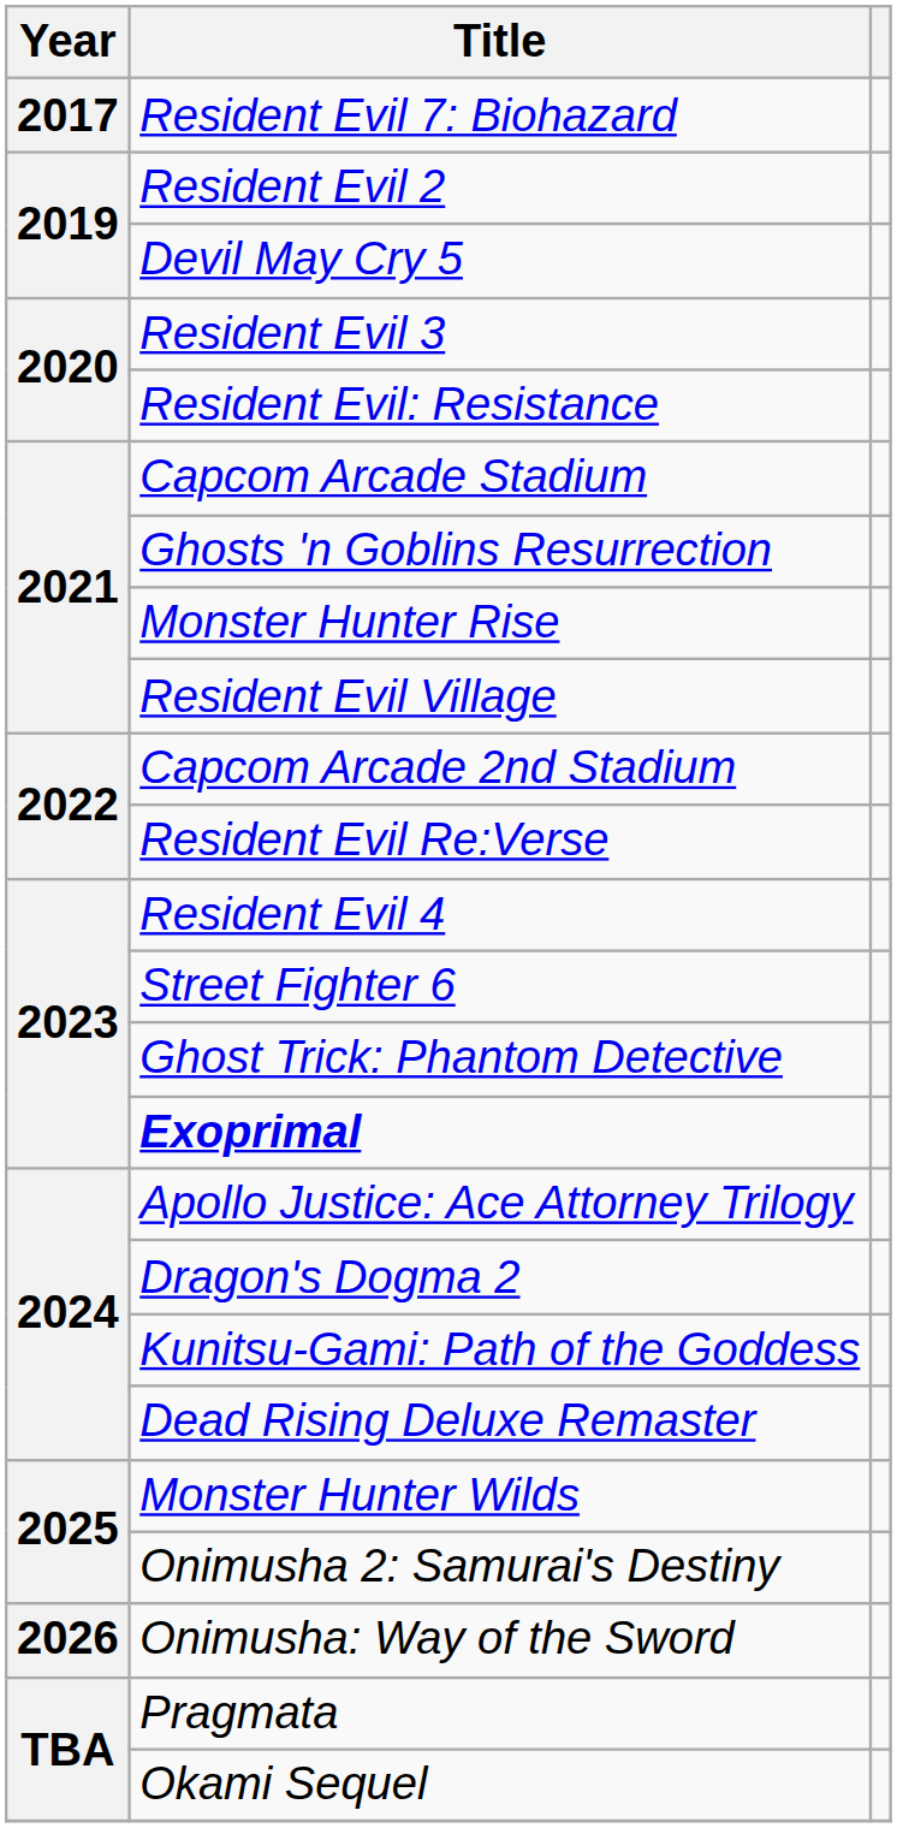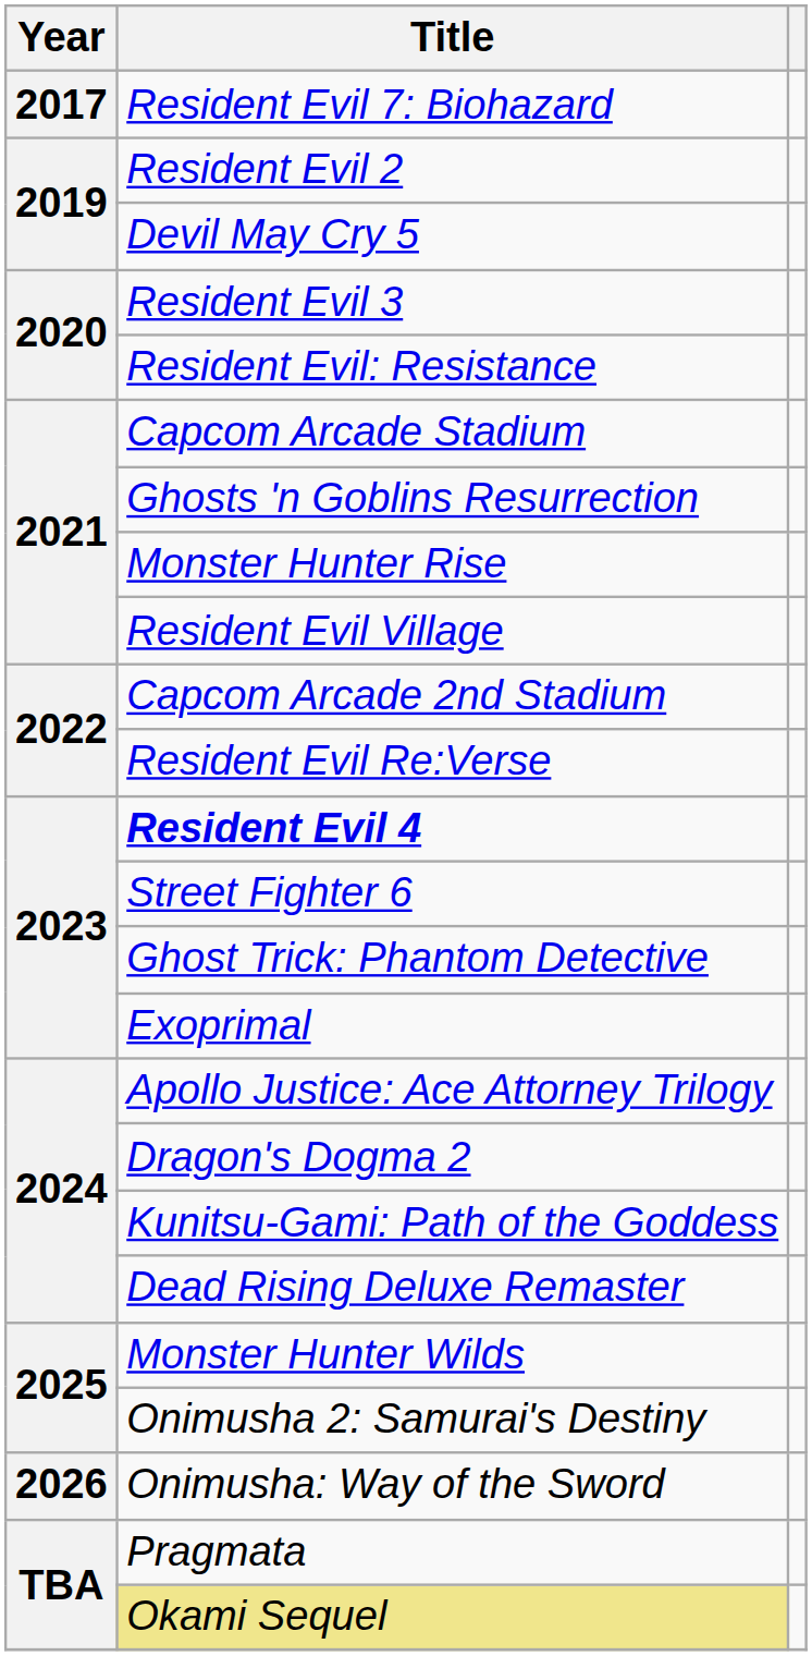 <table class="wikitable sortable">
 <tr>
 <th>Year</th>
 <th>Title</th>
 <th></th>
 </tr>
 <tr>
 <th>2017</th>
 <td><em><a href='#'>Resident Evil 7: Biohazard</a></em></td>
 <td></td>
 </tr>
 <tr>
 <th rowspan="2">2019</th>
 <td><em><a href='#'>Resident Evil 2</a></em></td>
 <td></td>
 </tr>
 <tr>
 <td><em><a href='#'>Devil May Cry 5</a></em></td>
 <td></td>
 </tr>
 <tr>
 <th rowspan="2">2020</th>
 <td><em><a href='#'>Resident Evil 3</a></em></td>
 <td></td>
 </tr>
 <tr>
 <td><em><a href='#'>Resident Evil: Resistance</a></em></td>
 <td></td>
 </tr>
 <tr>
 <th rowspan="4">2021</th>
 <td><em><a href='#'>Capcom Arcade Stadium</a></em></td>
 <td></td>
 </tr>
 <tr>
 <td><em><a href='#'>Ghosts 'n Goblins Resurrection</a></em></td>
 <td></td>
 </tr>
 <tr>
 <td><em><a href='#'>Monster Hunter Rise</a></em></td>
 <td></td>
 </tr>
 <tr>
 <td><em><a href='#'>Resident Evil Village</a></em></td>
 <td></td>
 </tr>
 <tr>
 <th rowspan="2">2022</th>
 <td><em><a href='#'>Capcom Arcade 2nd Stadium</a></em></td>
 <td></td>
 </tr>
 <tr>
 <td><em><a href='#'>Resident Evil Re:Verse</a></em></td>
 <td></td>
 </tr>
 <tr>
 <th rowspan="4">2023</th>
-<td><em><a href='#'>Resident Evil 4</a></em></td>
+<td><strong><em><a href='#'>Resident Evil 4</a></em></strong></td>
 <td></td>
 </tr>
 <tr>
 <td><em><a href='#'>Street Fighter 6</a></em></td>
 <td></td>
 </tr>
 <tr>
 <td><em><a href='#'>Ghost Trick: Phantom Detective</a></em></td>
 <td></td>
 </tr>
 <tr>
-<td><strong><em><a href='#'>Exoprimal</a></em></strong></td>
+<td><em><a href='#'>Exoprimal</a></em></td>
 <td></td>
 </tr>
 <tr>
 <th rowspan="4">2024</th>
 <td><em><a href='#'>Apollo Justice: Ace Attorney Trilogy</a></em></td>
 <td></td>
 </tr>
 <tr>
 <td><em><a href='#'>Dragon's Dogma 2</a></em></td>
 <td></td>
 </tr>
 <tr>
 <td><em><a href='#'>Kunitsu-Gami: Path of the Goddess</a></em></td>
 <td></td>
 </tr>
 <tr>
 <td><em><a href='#'>Dead Rising Deluxe Remaster</a></em></td>
 <td></td>
 </tr>
 <tr>
 <th rowspan="2">2025</th>
 <td><em><a href='#'>Monster Hunter Wilds</a></em></td>
 <td></td>
 </tr>
 <tr>
 <td><em>Onimusha 2: Samurai's Destiny</em></td>
 <td></td>
 </tr>
 <tr>
 <th>2026</th>
 <td><em>Onimusha: Way of the Sword</em></td>
 <td></td>
 </tr>
 <tr>
 <th rowspan="2">TBA</th>
 <td><em>Pragmata</em></td>
 <td></td>
 </tr>
 <tr>
-<td><em>Okami Sequel</em></td>
+<td style="background: khaki;"><em>Okami Sequel</em></td>
 <td></td>
 </tr>
 <tr>
 </tr>
 </table>
